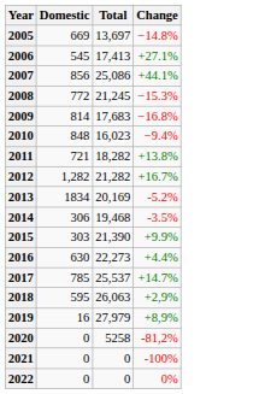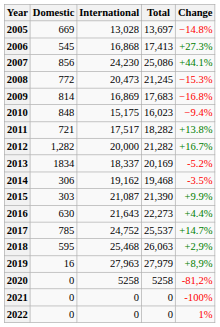 <table class="wikitable" style="text-align: right;">
 <tr>
 <th>Year</th>
 <th>Domestic</th>
+<th>International</th>
 <th>Total</th>
 <th>Change</th>
 </tr>
 <tr>
 <th>2005</th>
 <td>669</td>
+<td>13,028</td>
 <td>13,697</td>
 <td style="color:red">−14.8% </td>
 </tr>
 <tr>
 <th>2006</th>
 <td>545</td>
+<td>16,868</td>
 <td>17,413</td>
-<td style="color:green">+27.1% </td>
+<td style="color:green">+27.3% </td>
 </tr>
 <tr>
 <th>2007</th>
 <td>856</td>
+<td>24,230</td>
 <td>25,086</td>
 <td style="color:green">+44.1% </td>
 </tr>
 <tr>
 <th>2008</th>
 <td>772</td>
+<td>20,473</td>
 <td>21,245</td>
 <td style="color:red">−15.3% </td>
 </tr>
 <tr>
 <th>2009</th>
 <td>814</td>
+<td>16,869</td>
 <td>17,683</td>
 <td style="color:red">−16.8% </td>
 </tr>
 <tr>
 <th>2010</th>
 <td>848</td>
+<td>15,175</td>
 <td>16,023</td>
 <td style="color:red">−9.4% </td>
 </tr>
 <tr>
 <th>2011</th>
 <td>721</td>
+<td>17,517</td>
 <td>18,282</td>
 <td style="color:green">+13.8% </td>
 </tr>
 <tr>
 <th>2012</th>
 <td>1,282</td>
+<td>20,000</td>
 <td>21,282</td>
 <td style="color:green">+16.7% </td>
 </tr>
 <tr>
 <th>2013</th>
 <td>1834</td>
+<td>18,337</td>
 <td>20,169</td>
 <td style="color:red">-5.2% </td>
 </tr>
 <tr>
 <th>2014</th>
 <td>306</td>
+<td>19,162</td>
 <td>19,468</td>
 <td style="color:red">-3.5% </td>
 </tr>
 <tr>
 <th>2015</th>
 <td>303</td>
+<td>21,087</td>
 <td>21,390</td>
 <td style="color:green">+9.9% </td>
 </tr>
 <tr>
 <th>2016</th>
 <td>630</td>
+<td>21,643</td>
 <td>22,273</td>
 <td style="color:green">+4.4% </td>
 </tr>
 <tr>
 <th>2017</th>
 <td>785</td>
+<td>24,752</td>
 <td>25,537</td>
 <td style="color:green">+14.7% </td>
 </tr>
 <tr>
 <th>2018</th>
 <td>595</td>
+<td>25,468</td>
 <td>26,063</td>
 <td style="color:green">+2,9% </td>
 </tr>
 <tr>
 <th>2019</th>
 <td>16</td>
+<td>27,963</td>
 <td>27,979</td>
 <td style="color:green">+8,9% </td>
 </tr>
 <tr>
 <th>2020</th>
 <td>0</td>
 <td>5258</td>
+<td>5258</td>
 <td style="color:red">-81,2% </td>
 </tr>
 <tr>
 <th>2021</th>
+<td>0</td>
 <td>0</td>
 <td>0</td>
 <td style="color:red">-100% </td>
 </tr>
 <tr>
 <th>2022</th>
 <td>0</td>
 <td>0</td>
-<td style="color:red">0% </td>
+<td>0</td>
+<td style="color:red">1% </td>
 </tr>
 </table>
